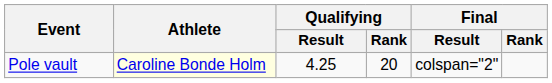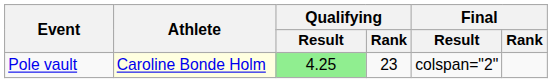 <table class="wikitable" style="font-size:90%; text-align:center;">
 <tr>
 <th rowspan="2" style="width:20%;">Event</th>
 <th rowspan="2" style="width:30%;">Athlete</th>
 <th colspan="2" style="width:25%;">Qualifying</th>
 <th colspan="2" style="width:25%;">Final</th>
 </tr>
 <tr style="font-size:95%;">
 <th style="width:16.67%;">Result</th>
 <th style="width:8.33%;">Rank</th>
 <th style="width:16.67%;">Result</th>
 <th style="width:8.33%;">Rank</th>
 </tr>
 <tr>
 <td style="text-align:left;"><a href='#'>Pole vault</a></td>
 <td style="background: lightyellow; text-align:left;"><a href='#'>Caroline Bonde Holm</a></td>
-<td>4.25</td>
-<td>20</td>
+<td style="background: lightgreen;">4.25</td>
+<td>23</td>
 <td>colspan="2" </td>
 </tr>
 </table>
